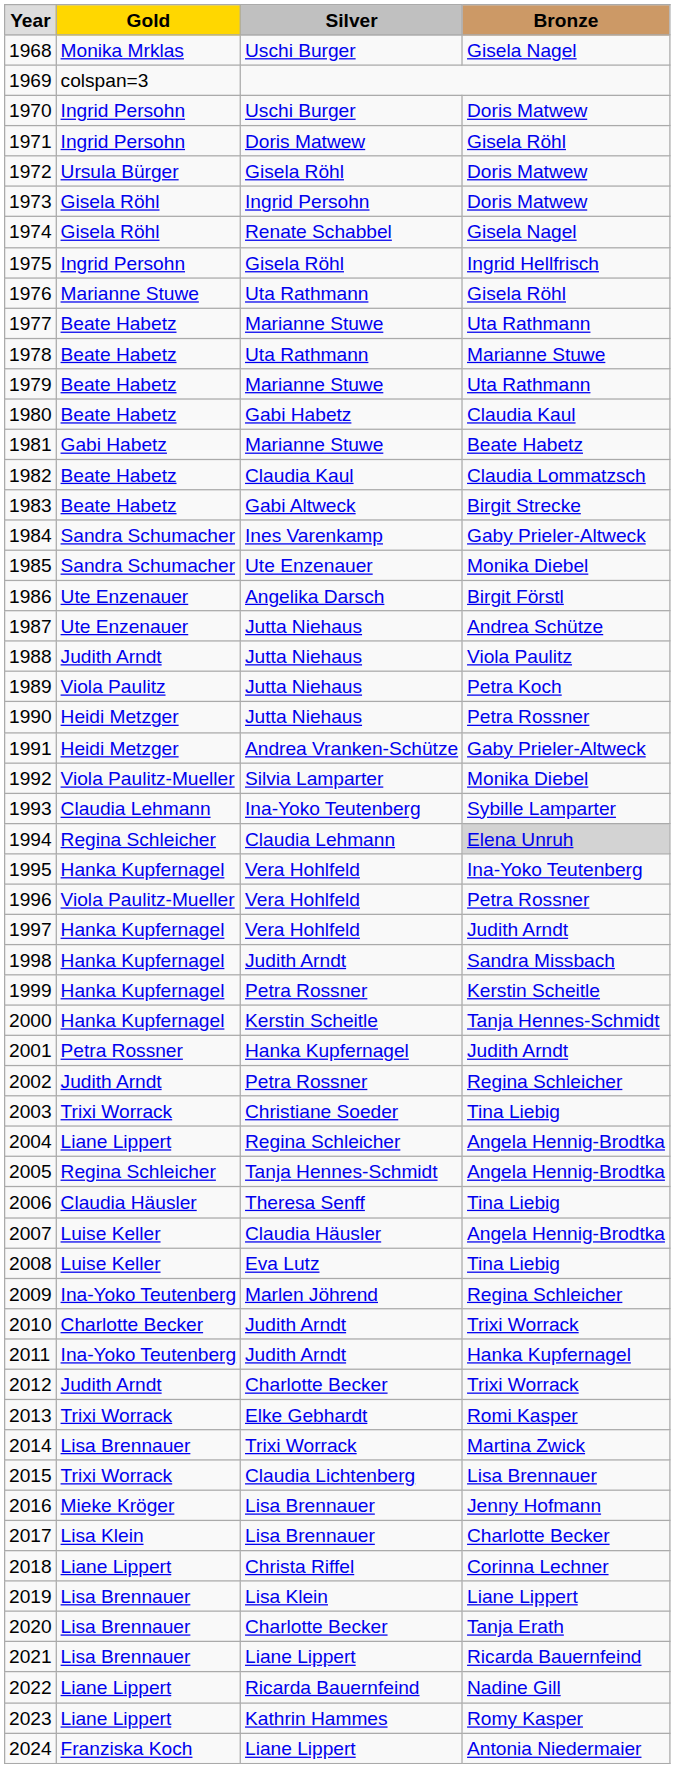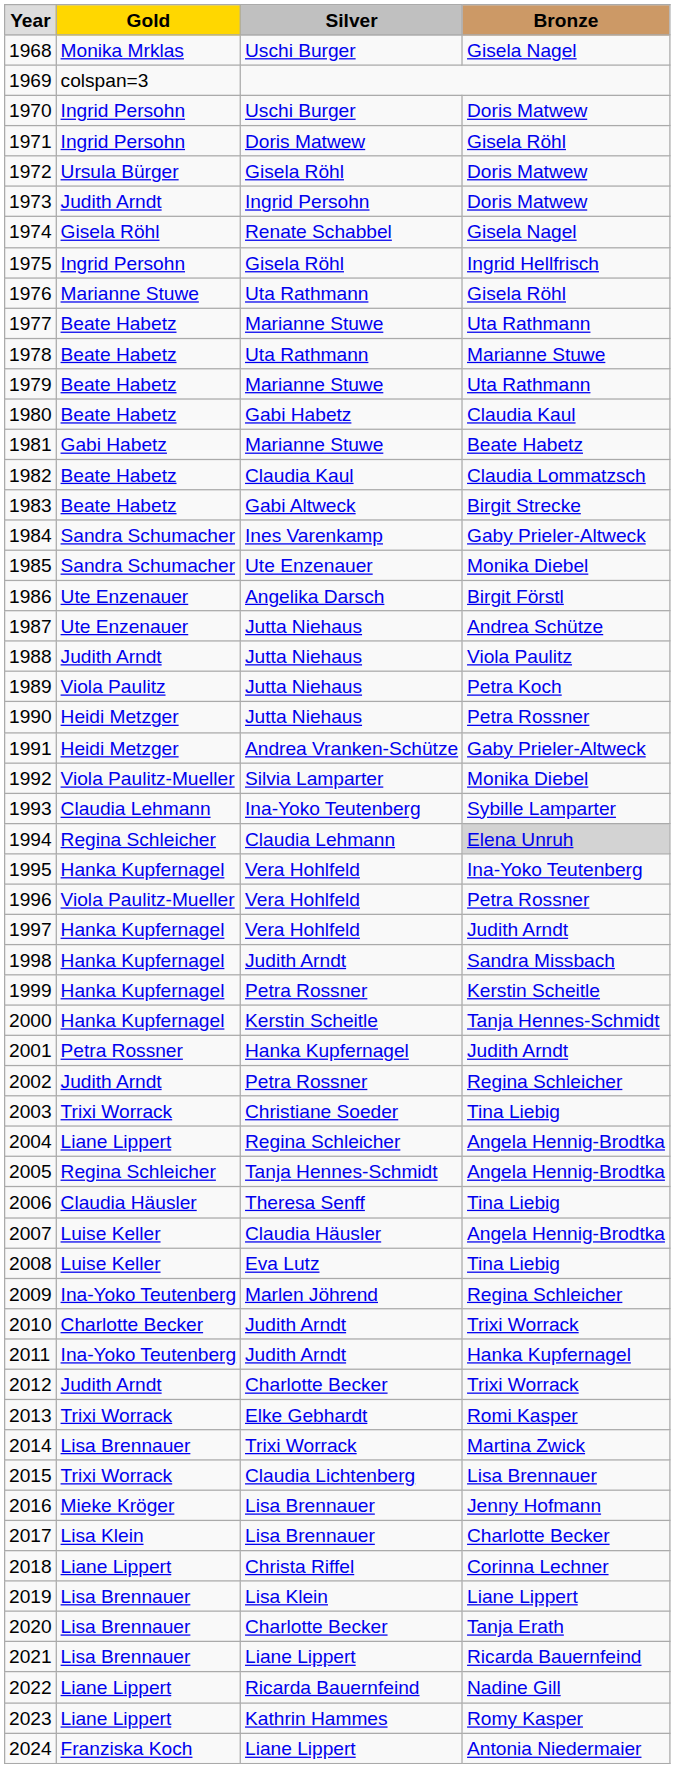 <table class="wikitable sortable" style="font-size:95%">
 <tr style="text-align:center; background:#e4e4e4; font-weight:bold;">
 <td style="background:#ddd; ">Year</td>
 <td style="background:gold; ">Gold</td>
 <td style="background:silver; ">Silver</td>
 <td style="background:#c96; ">Bronze</td>
 </tr>
 <tr>
 <td>1968</td>
 <td><a href='#'>Monika Mrklas</a></td>
 <td><a href='#'>Uschi Burger</a></td>
 <td><a href='#'>Gisela Nagel</a></td>
 </tr>
 <tr>
 <td>1969</td>
 <td>colspan=3 </td>
 </tr>
 <tr>
 <td>1970</td>
 <td><a href='#'>Ingrid Persohn</a></td>
 <td><a href='#'>Uschi Burger</a></td>
 <td><a href='#'>Doris Matwew</a></td>
 </tr>
 <tr>
 <td>1971</td>
 <td><a href='#'>Ingrid Persohn</a></td>
 <td><a href='#'>Doris Matwew</a></td>
 <td><a href='#'>Gisela Röhl</a></td>
 </tr>
 <tr>
 <td>1972</td>
 <td><a href='#'>Ursula Bürger</a></td>
 <td><a href='#'>Gisela Röhl</a></td>
 <td><a href='#'>Doris Matwew</a></td>
 </tr>
 <tr>
 <td>1973</td>
-<td><a href='#'>Gisela Röhl</a></td>
+<td><a href='#'>Judith Arndt</a></td>
 <td><a href='#'>Ingrid Persohn</a></td>
 <td><a href='#'>Doris Matwew</a></td>
 </tr>
 <tr>
 <td>1974</td>
 <td><a href='#'>Gisela Röhl</a></td>
 <td><a href='#'>Renate Schabbel</a></td>
 <td><a href='#'>Gisela Nagel</a></td>
 </tr>
 <tr>
 <td>1975</td>
 <td><a href='#'>Ingrid Persohn</a></td>
 <td><a href='#'>Gisela Röhl</a></td>
 <td><a href='#'>Ingrid Hellfrisch</a></td>
 </tr>
 <tr>
 <td>1976</td>
 <td><a href='#'>Marianne Stuwe</a></td>
 <td><a href='#'>Uta Rathmann</a></td>
 <td><a href='#'>Gisela Röhl</a></td>
 </tr>
 <tr>
 <td>1977</td>
 <td><a href='#'>Beate Habetz</a></td>
 <td><a href='#'>Marianne Stuwe</a></td>
 <td><a href='#'>Uta Rathmann</a></td>
 </tr>
 <tr>
 <td>1978</td>
 <td><a href='#'>Beate Habetz</a></td>
 <td><a href='#'>Uta Rathmann</a></td>
 <td><a href='#'>Marianne Stuwe</a></td>
 </tr>
 <tr>
 <td>1979</td>
 <td><a href='#'>Beate Habetz</a></td>
 <td><a href='#'>Marianne Stuwe</a></td>
 <td><a href='#'>Uta Rathmann</a></td>
 </tr>
 <tr>
 <td>1980</td>
 <td><a href='#'>Beate Habetz</a></td>
 <td><a href='#'>Gabi Habetz</a></td>
 <td><a href='#'>Claudia Kaul</a></td>
 </tr>
 <tr>
 <td>1981</td>
 <td><a href='#'>Gabi Habetz</a></td>
 <td><a href='#'>Marianne Stuwe</a></td>
 <td><a href='#'>Beate Habetz</a></td>
 </tr>
 <tr>
 <td>1982</td>
 <td><a href='#'>Beate Habetz</a></td>
 <td><a href='#'>Claudia Kaul</a></td>
 <td><a href='#'>Claudia Lommatzsch</a></td>
 </tr>
 <tr>
 <td>1983</td>
 <td><a href='#'>Beate Habetz</a></td>
 <td><a href='#'>Gabi Altweck</a></td>
 <td><a href='#'>Birgit Strecke</a></td>
 </tr>
 <tr>
 <td>1984</td>
 <td><a href='#'>Sandra Schumacher</a></td>
 <td><a href='#'>Ines Varenkamp</a></td>
 <td><a href='#'>Gaby Prieler-Altweck</a></td>
 </tr>
 <tr>
 <td>1985</td>
 <td><a href='#'>Sandra Schumacher</a></td>
 <td><a href='#'>Ute Enzenauer</a></td>
 <td><a href='#'>Monika Diebel</a></td>
 </tr>
 <tr>
 <td>1986</td>
 <td><a href='#'>Ute Enzenauer</a></td>
 <td><a href='#'>Angelika Darsch</a></td>
 <td><a href='#'>Birgit Förstl</a></td>
 </tr>
 <tr>
 <td>1987</td>
 <td><a href='#'>Ute Enzenauer</a></td>
 <td><a href='#'>Jutta Niehaus</a></td>
 <td><a href='#'>Andrea Schütze</a></td>
 </tr>
 <tr>
 <td>1988</td>
 <td><a href='#'>Judith Arndt</a></td>
 <td><a href='#'>Jutta Niehaus</a></td>
 <td><a href='#'>Viola Paulitz</a></td>
 </tr>
 <tr>
 <td>1989</td>
 <td><a href='#'>Viola Paulitz</a></td>
 <td><a href='#'>Jutta Niehaus</a></td>
 <td><a href='#'>Petra Koch</a></td>
 </tr>
 <tr>
 <td>1990</td>
 <td><a href='#'>Heidi Metzger</a></td>
 <td><a href='#'>Jutta Niehaus</a></td>
 <td><a href='#'>Petra Rossner</a></td>
 </tr>
 <tr>
 <td>1991</td>
 <td><a href='#'>Heidi Metzger</a></td>
 <td><a href='#'>Andrea Vranken-Schütze</a></td>
 <td><a href='#'>Gaby Prieler-Altweck</a></td>
 </tr>
 <tr>
 <td>1992</td>
 <td><a href='#'>Viola Paulitz-Mueller</a></td>
 <td><a href='#'>Silvia Lamparter</a></td>
 <td><a href='#'>Monika Diebel</a></td>
 </tr>
 <tr>
 <td>1993</td>
 <td><a href='#'>Claudia Lehmann</a></td>
 <td><a href='#'>Ina-Yoko Teutenberg</a></td>
 <td><a href='#'>Sybille Lamparter</a></td>
 </tr>
 <tr>
 <td>1994</td>
 <td><a href='#'>Regina Schleicher</a></td>
 <td><a href='#'>Claudia Lehmann</a></td>
 <td style="background: lightgrey;"><a href='#'>Elena Unruh</a></td>
 </tr>
 <tr>
 <td>1995</td>
 <td><a href='#'>Hanka Kupfernagel</a></td>
 <td><a href='#'>Vera Hohlfeld</a></td>
 <td><a href='#'>Ina-Yoko Teutenberg</a></td>
 </tr>
 <tr>
 <td>1996</td>
 <td><a href='#'>Viola Paulitz-Mueller</a></td>
 <td><a href='#'>Vera Hohlfeld</a></td>
 <td><a href='#'>Petra Rossner</a></td>
 </tr>
 <tr>
 <td>1997</td>
 <td><a href='#'>Hanka Kupfernagel</a></td>
 <td><a href='#'>Vera Hohlfeld</a></td>
 <td><a href='#'>Judith Arndt</a></td>
 </tr>
 <tr>
 <td>1998</td>
 <td><a href='#'>Hanka Kupfernagel</a></td>
 <td><a href='#'>Judith Arndt</a></td>
 <td><a href='#'>Sandra Missbach</a></td>
 </tr>
 <tr>
 <td>1999</td>
 <td><a href='#'>Hanka Kupfernagel</a></td>
 <td><a href='#'>Petra Rossner</a></td>
 <td><a href='#'>Kerstin Scheitle</a></td>
 </tr>
 <tr>
 <td>2000</td>
 <td><a href='#'>Hanka Kupfernagel</a></td>
 <td><a href='#'>Kerstin Scheitle</a></td>
 <td><a href='#'>Tanja Hennes-Schmidt</a></td>
 </tr>
 <tr>
 <td>2001</td>
 <td><a href='#'>Petra Rossner</a></td>
 <td><a href='#'>Hanka Kupfernagel</a></td>
 <td><a href='#'>Judith Arndt</a></td>
 </tr>
 <tr>
 <td>2002</td>
 <td><a href='#'>Judith Arndt</a></td>
 <td><a href='#'>Petra Rossner</a></td>
 <td><a href='#'>Regina Schleicher</a></td>
 </tr>
 <tr>
 <td>2003</td>
 <td><a href='#'>Trixi Worrack</a></td>
 <td><a href='#'>Christiane Soeder</a></td>
 <td><a href='#'>Tina Liebig</a></td>
 </tr>
 <tr>
 <td>2004</td>
 <td><a href='#'>Liane Lippert</a></td>
 <td><a href='#'>Regina Schleicher</a></td>
 <td><a href='#'>Angela Hennig-Brodtka</a></td>
 </tr>
 <tr>
 <td>2005</td>
 <td><a href='#'>Regina Schleicher</a></td>
 <td><a href='#'>Tanja Hennes-Schmidt</a></td>
 <td><a href='#'>Angela Hennig-Brodtka</a></td>
 </tr>
 <tr>
 <td>2006</td>
 <td><a href='#'>Claudia Häusler</a></td>
 <td><a href='#'>Theresa Senff</a></td>
 <td><a href='#'>Tina Liebig</a></td>
 </tr>
 <tr>
 <td>2007</td>
 <td><a href='#'>Luise Keller</a></td>
 <td><a href='#'>Claudia Häusler</a></td>
 <td><a href='#'>Angela Hennig-Brodtka</a></td>
 </tr>
 <tr>
 <td>2008</td>
 <td><a href='#'>Luise Keller</a></td>
 <td><a href='#'>Eva Lutz</a></td>
 <td><a href='#'>Tina Liebig</a></td>
 </tr>
 <tr>
 <td>2009</td>
 <td><a href='#'>Ina-Yoko Teutenberg</a></td>
 <td><a href='#'>Marlen Jöhrend</a></td>
 <td><a href='#'>Regina Schleicher</a></td>
 </tr>
 <tr>
 <td>2010</td>
 <td><a href='#'>Charlotte Becker</a></td>
 <td><a href='#'>Judith Arndt</a></td>
 <td><a href='#'>Trixi Worrack</a></td>
 </tr>
 <tr>
 <td>2011</td>
 <td><a href='#'>Ina-Yoko Teutenberg</a></td>
 <td><a href='#'>Judith Arndt</a></td>
 <td><a href='#'>Hanka Kupfernagel</a></td>
 </tr>
 <tr>
 <td>2012</td>
 <td><a href='#'>Judith Arndt</a></td>
 <td><a href='#'>Charlotte Becker</a></td>
 <td><a href='#'>Trixi Worrack</a></td>
 </tr>
 <tr>
 <td>2013</td>
 <td><a href='#'>Trixi Worrack</a></td>
 <td><a href='#'>Elke Gebhardt</a></td>
 <td><a href='#'>Romi Kasper</a></td>
 </tr>
 <tr>
 <td>2014</td>
 <td><a href='#'>Lisa Brennauer</a></td>
 <td><a href='#'>Trixi Worrack</a></td>
 <td><a href='#'>Martina Zwick</a></td>
 </tr>
 <tr>
 <td>2015</td>
 <td><a href='#'>Trixi Worrack</a></td>
 <td><a href='#'>Claudia Lichtenberg</a></td>
 <td><a href='#'>Lisa Brennauer</a></td>
 </tr>
 <tr>
 <td>2016</td>
 <td><a href='#'>Mieke Kröger</a></td>
 <td><a href='#'>Lisa Brennauer</a></td>
 <td><a href='#'>Jenny Hofmann</a></td>
 </tr>
 <tr>
 <td>2017</td>
 <td><a href='#'>Lisa Klein</a></td>
 <td><a href='#'>Lisa Brennauer</a></td>
 <td><a href='#'>Charlotte Becker</a></td>
 </tr>
 <tr>
 <td>2018</td>
 <td><a href='#'>Liane Lippert</a></td>
 <td><a href='#'>Christa Riffel</a></td>
 <td><a href='#'>Corinna Lechner</a></td>
 </tr>
 <tr>
 <td>2019</td>
 <td><a href='#'>Lisa Brennauer</a></td>
 <td><a href='#'>Lisa Klein</a></td>
 <td><a href='#'>Liane Lippert</a></td>
 </tr>
 <tr>
 <td>2020</td>
 <td><a href='#'>Lisa Brennauer</a></td>
 <td><a href='#'>Charlotte Becker</a></td>
 <td><a href='#'>Tanja Erath</a></td>
 </tr>
 <tr>
 <td>2021</td>
 <td><a href='#'>Lisa Brennauer</a></td>
 <td><a href='#'>Liane Lippert</a></td>
 <td><a href='#'>Ricarda Bauernfeind</a></td>
 </tr>
 <tr>
 <td>2022</td>
 <td><a href='#'>Liane Lippert</a></td>
 <td><a href='#'>Ricarda Bauernfeind</a></td>
 <td><a href='#'>Nadine Gill</a></td>
 </tr>
 <tr>
 <td>2023</td>
 <td><a href='#'>Liane Lippert</a></td>
 <td><a href='#'>Kathrin Hammes</a></td>
 <td><a href='#'>Romy Kasper</a></td>
 </tr>
 <tr>
 <td>2024</td>
 <td><a href='#'>Franziska Koch</a></td>
 <td><a href='#'>Liane Lippert</a></td>
 <td><a href='#'>Antonia Niedermaier</a></td>
 </tr>
 </table>
